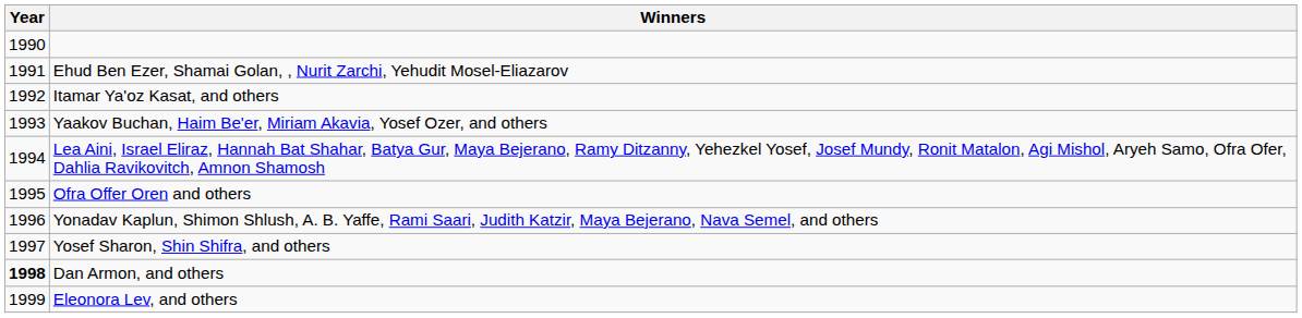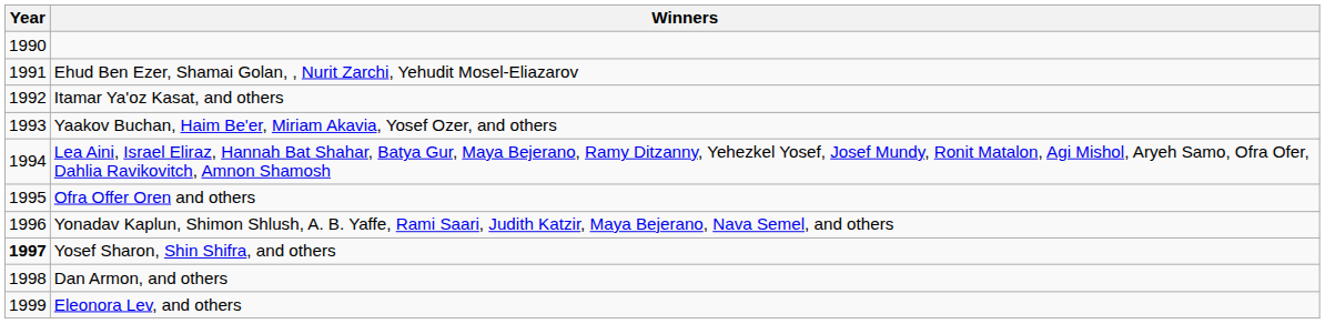 <table class="wikitable">
 <tr>
 <th>Year</th>
 <th>Winners</th>
 </tr>
 <tr>
 <td>1990</td>
 <td></td>
 </tr>
 <tr>
 <td>1991</td>
 <td>Ehud Ben Ezer, Shamai Golan, , <a href='#'>Nurit Zarchi</a>, Yehudit Mosel-Eliazarov</td>
 </tr>
 <tr>
 <td>1992</td>
 <td>Itamar Ya'oz Kasat, and others</td>
 </tr>
 <tr>
 <td>1993</td>
 <td>Yaakov Buchan, <a href='#'>Haim Be'er</a>, <a href='#'>Miriam Akavia</a>, Yosef Ozer, and others</td>
 </tr>
 <tr>
 <td>1994</td>
 <td><a href='#'>Lea Aini</a>, <a href='#'>Israel Eliraz</a>, <a href='#'>Hannah Bat Shahar</a>, <a href='#'>Batya Gur</a>, <a href='#'>Maya Bejerano</a>, <a href='#'>Ramy Ditzanny</a>, Yehezkel Yosef, <a href='#'>Josef Mundy</a>, <a href='#'>Ronit Matalon</a>, <a href='#'>Agi Mishol</a>, Aryeh Samo, Ofra Ofer, <a href='#'>Dahlia Ravikovitch</a>, <a href='#'>Amnon Shamosh</a></td>
 </tr>
 <tr>
 <td>1995</td>
 <td><a href='#'>Ofra Offer Oren</a> and others</td>
 </tr>
 <tr>
 <td>1996</td>
 <td>Yonadav Kaplun, Shimon Shlush, A. B. Yaffe, <a href='#'>Rami Saari</a>, <a href='#'>Judith Katzir</a>, <a href='#'>Maya Bejerano</a>, <a href='#'>Nava Semel</a>, and others</td>
 </tr>
 <tr>
-<td>1997</td>
+<td><strong>1997</strong></td>
 <td>Yosef Sharon, <a href='#'>Shin Shifra</a>, and others</td>
 </tr>
 <tr>
-<td><strong>1998</strong></td>
+<td>1998</td>
 <td>Dan Armon, and others</td>
 </tr>
 <tr>
 <td>1999</td>
 <td><a href='#'>Eleonora Lev</a>, and others</td>
 </tr>
 </table>
